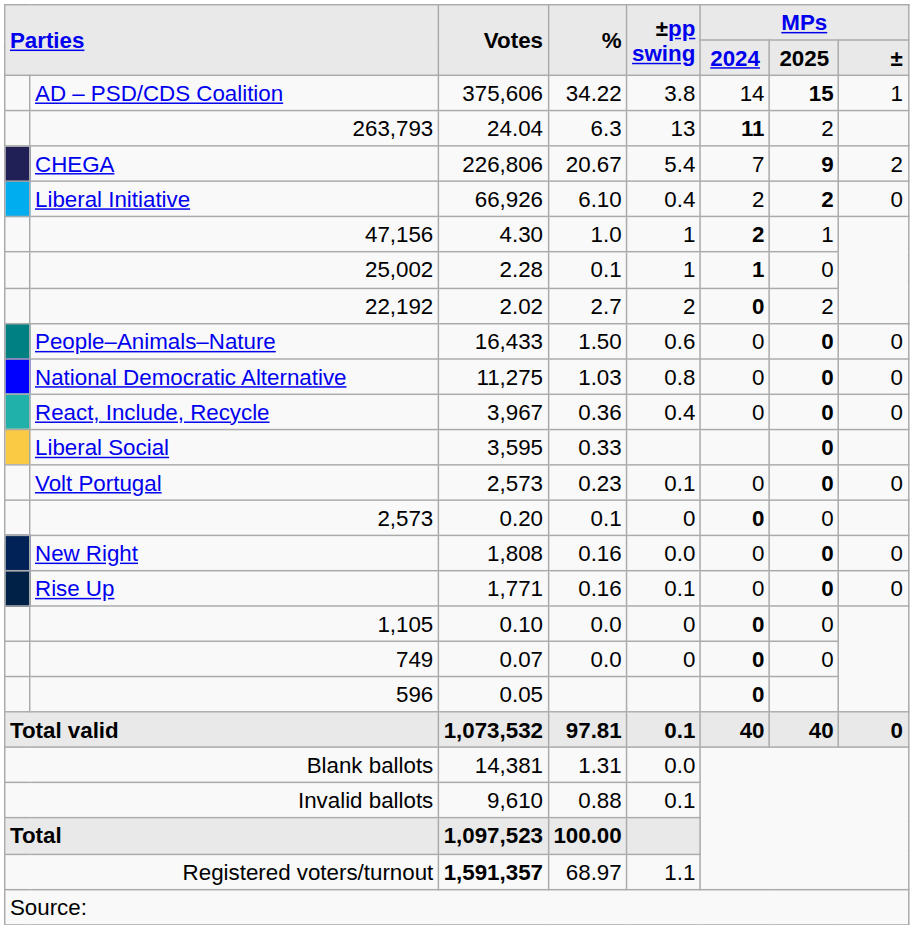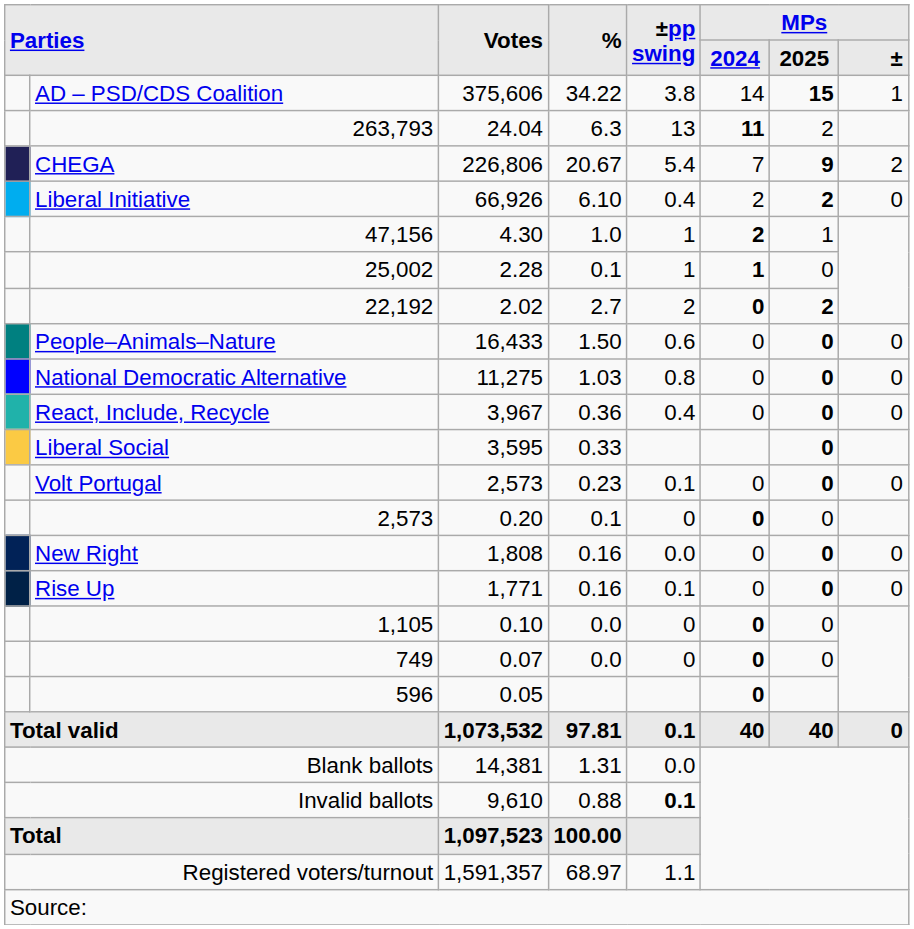 <table class="wikitable" style="text-align:right; font-size:95%;">
 <tr>
 <th rowspan="2" colspan="2" style="background:#e9e9e9; text-align:left;" alignleft><a href='#'>Parties</a></th>
 <th rowspan="2" style="background:#e9e9e9; text-align:right;">Votes</th>
 <th rowspan="2" style="background:#e9e9e9; text-align:right;">%</th>
 <th rowspan="2" style="background:#e9e9e9; text-align:right;">±<a href='#'>pp</a> <a href='#'>swing</a></th>
 <th colspan="3" style="background:#e9e9e9; text-align:center;"><a href='#'>MPs</a></th>
 </tr>
 <tr style="background-color:#E9E9E9">
 <th style="background-color:#E9E9E9;text-align:center;"><a href='#'>2024</a></th>
 <th style="background-color:#E9E9E9;text-align:center;">2025</th>
 <th style="background:#e9e9e9; text-align:right;">±</th>
 </tr>
 <tr>
 <td style="width: 10px" bgcolor=></td>
 <td align="left"><a href='#'>AD – PSD/CDS Coalition</a> </td>
 <td>375,606</td>
 <td>34.22</td>
 <td>3.8</td>
 <td>14</td>
 <td><strong>15</strong></td>
 <td>1</td>
 </tr>
 <tr>
 <td></td>
 <td>263,793</td>
 <td>24.04</td>
 <td>6.3</td>
 <td>13</td>
 <td><strong>11</strong></td>
 <td>2</td>
 </tr>
 <tr>
 <td style="width: 10px" bgcolor="#202056" align="center"></td>
 <td align="left"><a href='#'>CHEGA</a></td>
 <td>226,806</td>
 <td>20.67</td>
 <td>5.4</td>
 <td>7</td>
 <td><strong>9</strong></td>
 <td>2</td>
 </tr>
 <tr>
 <td style="width: 10px" bgcolor="#00ADEF" align="center"></td>
 <td align="left"><a href='#'>Liberal Initiative</a></td>
 <td>66,926</td>
 <td>6.10</td>
 <td>0.4</td>
 <td>2</td>
 <td><strong>2</strong></td>
 <td>0</td>
 </tr>
 <tr>
 <td></td>
 <td>47,156</td>
 <td>4.30</td>
 <td>1.0</td>
 <td>1</td>
 <td><strong>2</strong></td>
 <td>1</td>
 </tr>
 <tr>
 <td></td>
 <td>25,002</td>
 <td>2.28</td>
 <td>0.1</td>
 <td>1</td>
 <td><strong>1</strong></td>
 <td>0</td>
 </tr>
 <tr>
 <td></td>
 <td>22,192</td>
 <td>2.02</td>
 <td>2.7</td>
 <td>2</td>
 <td><strong>0</strong></td>
-<td>2</td>
+<td><strong>2</strong></td>
 </tr>
 <tr>
 <td style="width: 10px" bgcolor="teal" align="center"></td>
 <td align="left"><a href='#'>People–Animals–Nature</a></td>
 <td>16,433</td>
 <td>1.50</td>
 <td>0.6</td>
 <td>0</td>
 <td><strong>0</strong></td>
 <td>0</td>
 </tr>
 <tr>
 <td style="width: 10px" bgcolor="blue" align="center"></td>
 <td align="left"><a href='#'>National Democratic Alternative</a></td>
 <td>11,275</td>
 <td>1.03</td>
 <td>0.8</td>
 <td>0</td>
 <td><strong>0</strong></td>
 <td>0</td>
 </tr>
 <tr>
 <td style="width: 10px" bgcolor="LightSeaGreen" align="center"></td>
 <td align="left"><a href='#'>React, Include, Recycle</a></td>
 <td>3,967</td>
 <td>0.36</td>
 <td>0.4</td>
 <td>0</td>
 <td><strong>0</strong></td>
 <td>0</td>
 </tr>
 <tr>
 <td style="width: 10px" bgcolor="#fbca44" align="center"></td>
 <td align="left"><a href='#'>Liberal Social</a></td>
 <td>3,595</td>
 <td>0.33</td>
 <td></td>
 <td></td>
 <td><strong>0</strong></td>
 <td></td>
 </tr>
 <tr>
 <td style="width: 10px"></td>
 <td align="left"><a href='#'>Volt Portugal</a></td>
 <td>2,573</td>
 <td>0.23</td>
 <td>0.1</td>
 <td>0</td>
 <td><strong>0</strong></td>
 <td>0</td>
 </tr>
 <tr>
 <td></td>
 <td>2,573</td>
 <td>0.20</td>
 <td>0.1</td>
 <td>0</td>
 <td><strong>0</strong></td>
 <td>0</td>
 </tr>
 <tr>
 <td style="width: 10px" bgcolor="#012257" align="center"></td>
 <td align="left"><a href='#'>New Right</a></td>
 <td>1,808</td>
 <td>0.16</td>
 <td>0.0</td>
 <td>0</td>
 <td><strong>0</strong></td>
 <td>0</td>
 </tr>
 <tr>
 <td style="width: 10px" bgcolor="#002147" align="center"></td>
 <td align="left"><a href='#'>Rise Up</a></td>
 <td>1,771</td>
 <td>0.16</td>
 <td>0.1</td>
 <td>0</td>
 <td><strong>0</strong></td>
 <td>0</td>
 </tr>
 <tr>
 <td></td>
 <td>1,105</td>
 <td>0.10</td>
 <td>0.0</td>
 <td>0</td>
 <td><strong>0</strong></td>
 <td>0</td>
 </tr>
 <tr>
 <td></td>
 <td>749</td>
 <td>0.07</td>
 <td>0.0</td>
 <td>0</td>
 <td><strong>0</strong></td>
 <td>0</td>
 </tr>
 <tr>
 <td></td>
 <td>596</td>
 <td>0.05</td>
 <td></td>
 <td></td>
 <td><strong>0</strong></td>
 <td></td>
 </tr>
 <tr>
 <td colspan=2 width="288" align=left style="background-color:#E9E9E9"><strong>Total valid</strong></td>
 <td width="65" align="right" style="background-color:#E9E9E9"><strong>1,073,532</strong></td>
 <td width="40" align="right" style="background-color:#E9E9E9"><strong>97.81</strong></td>
 <td width="40" align="right" style="background-color:#E9E9E9"><strong>0.1</strong></td>
 <td width="40" align="right" style="background-color:#E9E9E9"><strong>40</strong></td>
 <td width="40" align="right" style="background-color:#E9E9E9"><strong>40</strong></td>
 <td width="40" align="right" style="background-color:#E9E9E9"><strong>0</strong></td>
 </tr>
 <tr>
 <td colspan=2>Blank ballots</td>
 <td>14,381</td>
 <td>1.31</td>
 <td>0.0</td>
 <td colspan=3 rowspan=4></td>
 </tr>
 <tr>
 <td colspan=2>Invalid ballots</td>
 <td>9,610</td>
 <td>0.88</td>
-<td>0.1</td>
+<td><strong>0.1</strong></td>
 </tr>
 <tr>
 <td colspan=2 align=left style="background-color:#E9E9E9"><strong>Total</strong></td>
 <td width="50" align="right" style="background-color:#E9E9E9"><strong>1,097,523</strong></td>
 <td width="40" align="right" style="background-color:#E9E9E9"><strong>100.00</strong></td>
 <td width="40" align="right" style="background-color:#E9E9E9"></td>
 </tr>
 <tr>
 <td colspan=2>Registered voters/turnout</td>
-<td><strong>1,591,357</strong></td>
+<td>1,591,357</td>
 <td>68.97</td>
 <td>1.1</td>
 </tr>
 <tr>
 <td colspan=8 align=left>Source: </td>
 </tr>
 </table>
